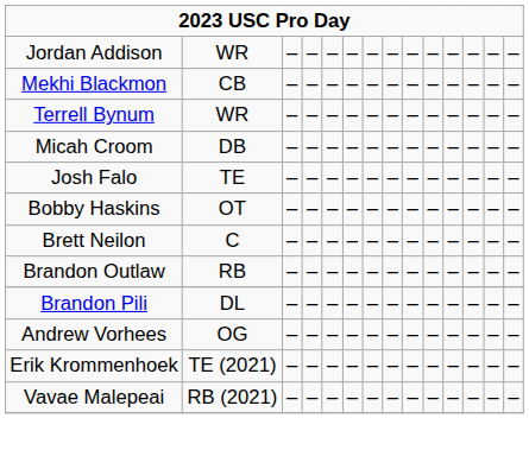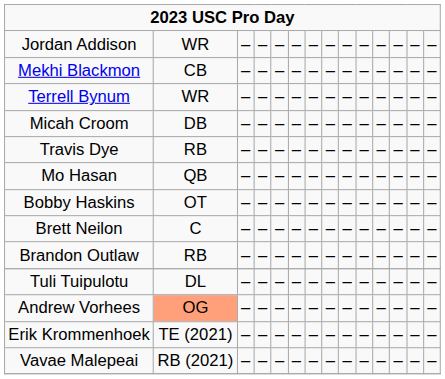 <table class="wikitable sortable" style="text-align:center" "width:75%;">
 <tr>
 <td colspan="14" style="font-weight:bold; ">2023 USC Pro Day<br></td>
 </tr>
 <tr>
 <td>Jordan Addison</td>
 <td>WR</td>
 <td>–</td>
 <td>–</td>
 <td>–</td>
 <td>–</td>
 <td>–</td>
 <td>–</td>
 <td>–</td>
 <td>–</td>
 <td>–</td>
 <td>–</td>
 <td>–</td>
 <td>–</td>
 </tr>
 <tr>
 <td><a href='#'>Mekhi Blackmon</a></td>
 <td>CB</td>
 <td>–</td>
 <td>–</td>
 <td>–</td>
 <td>–</td>
 <td>–</td>
 <td>–</td>
 <td>–</td>
 <td>–</td>
 <td>–</td>
 <td>–</td>
 <td>–</td>
 <td>–</td>
 </tr>
 <tr>
 <td><a href='#'>Terrell Bynum</a></td>
 <td>WR</td>
 <td>–</td>
 <td>–</td>
 <td>–</td>
 <td>–</td>
 <td>–</td>
 <td>–</td>
 <td>–</td>
 <td>–</td>
 <td>–</td>
 <td>–</td>
 <td>–</td>
 <td>–</td>
 </tr>
 <tr>
 <td>Micah Croom</td>
 <td>DB</td>
 <td>–</td>
 <td>–</td>
 <td>–</td>
 <td>–</td>
 <td>–</td>
 <td>–</td>
 <td>–</td>
 <td>–</td>
 <td>–</td>
 <td>–</td>
 <td>–</td>
 <td>–</td>
 </tr>
 <tr>
-<td>Josh Falo</td>
-<td>TE</td>
+<td>Travis Dye</td>
+<td>RB</td>
+<td>–</td>
+<td>–</td>
+<td>–</td>
+<td>–</td>
+<td>–</td>
+<td>–</td>
+<td>–</td>
+<td>–</td>
+<td>–</td>
+<td>–</td>
+<td>–</td>
+<td>–</td>
+</tr>
+<tr>
+<td>Mo Hasan</td>
+<td>QB</td>
 <td>–</td>
 <td>–</td>
 <td>–</td>
 <td>–</td>
 <td>–</td>
 <td>–</td>
 <td>–</td>
 <td>–</td>
 <td>–</td>
 <td>–</td>
 <td>–</td>
 <td>–</td>
 </tr>
 <tr>
 <td>Bobby Haskins</td>
 <td>OT</td>
 <td>–</td>
 <td>–</td>
 <td>–</td>
 <td>–</td>
 <td>–</td>
 <td>–</td>
 <td>–</td>
 <td>–</td>
 <td>–</td>
 <td>–</td>
 <td>–</td>
 <td>–</td>
 </tr>
 <tr>
 <td>Brett Neilon</td>
 <td>C</td>
 <td>–</td>
 <td>–</td>
 <td>–</td>
 <td>–</td>
 <td>–</td>
 <td>–</td>
 <td>–</td>
 <td>–</td>
 <td>–</td>
 <td>–</td>
 <td>–</td>
 <td>–</td>
 </tr>
 <tr>
 <td>Brandon Outlaw</td>
 <td>RB</td>
 <td>–</td>
 <td>–</td>
 <td>–</td>
 <td>–</td>
 <td>–</td>
 <td>–</td>
 <td>–</td>
 <td>–</td>
 <td>–</td>
 <td>–</td>
 <td>–</td>
 <td>–</td>
 </tr>
 <tr>
 </tr>
 <tr>
-<td><a href='#'>Brandon Pili</a></td>
+<td>Tuli Tuipulotu</td>
 <td>DL</td>
 <td>–</td>
 <td>–</td>
 <td>–</td>
 <td>–</td>
 <td>–</td>
 <td>–</td>
 <td>–</td>
 <td>–</td>
 <td>–</td>
 <td>–</td>
 <td>–</td>
 <td>–</td>
 </tr>
 <tr>
 <td>Andrew Vorhees</td>
-<td>OG</td>
+<td style="background: lightsalmon;">OG</td>
 <td>–</td>
 <td>–</td>
 <td>–</td>
 <td>–</td>
 <td>–</td>
 <td>–</td>
 <td>–</td>
 <td>–</td>
 <td>–</td>
 <td>–</td>
 <td>–</td>
 <td>–</td>
 </tr>
 <tr>
 <td>Erik Krommenhoek</td>
 <td>TE (2021)</td>
 <td>–</td>
 <td>–</td>
 <td>–</td>
 <td>–</td>
 <td>–</td>
 <td>–</td>
 <td>–</td>
 <td>–</td>
 <td>–</td>
 <td>–</td>
 <td>–</td>
 <td>–</td>
 </tr>
 <tr>
 <td>Vavae Malepeai</td>
 <td>RB (2021)</td>
 <td>–</td>
 <td>–</td>
 <td>–</td>
 <td>–</td>
 <td>–</td>
 <td>–</td>
 <td>–</td>
 <td>–</td>
 <td>–</td>
 <td>–</td>
 <td>–</td>
 <td>–</td>
 </tr>
 <tr>
 </tr>
 </table>
